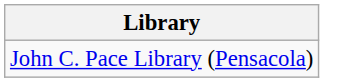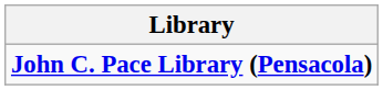 <table class="wikitable sortable">
 <tr>
 <th>Library</th>
 </tr>
 <tr valign="top">
-<td><a href='#'>John C. Pace Library</a> (<a href='#'>Pensacola</a>)</td>
+<td><strong><a href='#'>John C. Pace Library</a> (<a href='#'>Pensacola</a>)</strong></td>
 </tr>
 </table>
